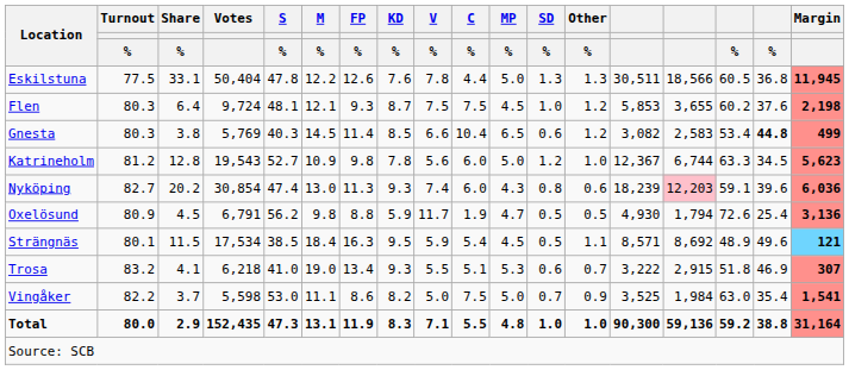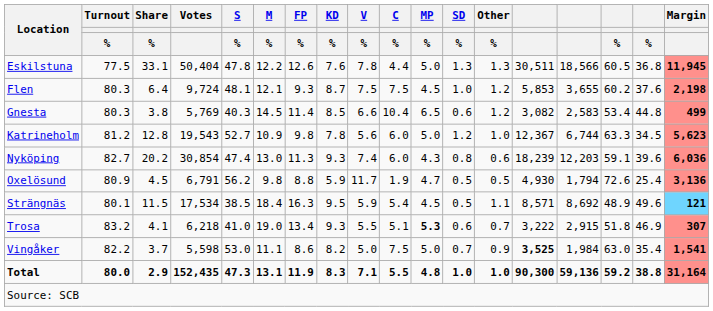 <table class="wikitable sortable" style="text-align:right; font-size:95%; line-height:20px;">
 <tr>
 <th rowspan="3">Location</th>
 <th>Turnout</th>
 <th>Share</th>
 <th>Votes</th>
 <th width="30px" class="unsortable"><a href='#'>S</a></th>
 <th width="30px" class="unsortable"><a href='#'>M</a></th>
 <th width="30px" class="unsortable"><a href='#'>FP</a></th>
 <th width="30px" class="unsortable"><a href='#'>KD</a></th>
 <th width="30px" class="unsortable"><a href='#'>V</a></th>
 <th width="30px" class="unsortable"><a href='#'>C</a></th>
 <th width="30px" class="unsortable"><a href='#'>MP</a></th>
 <th width="30px" class="unsortable"><a href='#'>SD</a></th>
 <th width="30px" class="unsortable">Other</th>
 <th></th>
 <th></th>
 <th></th>
 <th></th>
 <th>Margin</th>
 </tr>
 <tr>
 <th></th>
 <th></th>
 <th></th>
 <th style="background:"></th>
 <th style="background:"></th>
 <th style="background:"></th>
 <th style="background:"></th>
 <th style="background:"></th>
 <th style="background:"></th>
 <th style="background:"></th>
 <th style="background:"></th>
 <th style="background:"></th>
 <th style="background:"></th>
 <th style="background:"></th>
 <th style="background:"></th>
 <th style="background:"></th>
 <th></th>
 </tr>
 <tr>
 <th data-sort-type="number">%</th>
 <th data-sort-type="number">%</th>
 <th></th>
 <th data-sort-type="number">%</th>
 <th data-sort-type="number">%</th>
 <th data-sort-type="number">%</th>
 <th data-sort-type="number">%</th>
 <th data-sort-type="number">%</th>
 <th data-sort-type="number">%</th>
 <th data-sort-type="number">%</th>
 <th data-sort-type="number">%</th>
 <th data-sort-type="number">%</th>
 <th data-sort-type="number"></th>
 <th data-sort-type="number"></th>
 <th data-sort-type="number">%</th>
 <th data-sort-type="number">%</th>
 <th data-sort-type="number"></th>
 </tr>
 <tr>
 <td align=left><a href='#'>Eskilstuna</a></td>
 <td>77.5</td>
 <td>33.1</td>
 <td>50,404</td>
 <td>47.8</td>
 <td>12.2</td>
 <td>12.6</td>
 <td>7.6</td>
 <td>7.8</td>
 <td>4.4</td>
 <td>5.0</td>
 <td>1.3</td>
 <td>1.3</td>
 <td>30,511</td>
 <td>18,566</td>
 <td>60.5</td>
 <td>36.8</td>
 <td bgcolor=#ff908c><strong>11,945</strong></td>
 </tr>
 <tr>
 <td align=left><a href='#'>Flen</a></td>
 <td>80.3</td>
 <td>6.4</td>
 <td>9,724</td>
 <td>48.1</td>
 <td>12.1</td>
 <td>9.3</td>
 <td>8.7</td>
 <td>7.5</td>
 <td>7.5</td>
 <td>4.5</td>
 <td>1.0</td>
 <td>1.2</td>
 <td>5,853</td>
 <td>3,655</td>
 <td>60.2</td>
 <td>37.6</td>
 <td bgcolor=#ff908c><strong>2,198</strong></td>
 </tr>
 <tr>
 <td align=left><a href='#'>Gnesta</a></td>
 <td>80.3</td>
 <td>3.8</td>
 <td>5,769</td>
 <td>40.3</td>
 <td>14.5</td>
 <td>11.4</td>
 <td>8.5</td>
 <td>6.6</td>
 <td>10.4</td>
 <td>6.5</td>
 <td>0.6</td>
 <td>1.2</td>
 <td>3,082</td>
 <td>2,583</td>
 <td>53.4</td>
-<td><strong>44.8</strong></td>
+<td>44.8</td>
 <td bgcolor=#ff908c><strong>499</strong></td>
 </tr>
 <tr>
 <td align=left><a href='#'>Katrineholm</a></td>
 <td>81.2</td>
 <td>12.8</td>
 <td>19,543</td>
 <td>52.7</td>
 <td>10.9</td>
 <td>9.8</td>
 <td>7.8</td>
 <td>5.6</td>
 <td>6.0</td>
 <td>5.0</td>
 <td>1.2</td>
 <td>1.0</td>
 <td>12,367</td>
 <td>6,744</td>
 <td>63.3</td>
 <td>34.5</td>
 <td bgcolor=#ff908c><strong>5,623</strong></td>
 </tr>
 <tr>
 <td align=left><a href='#'>Nyköping</a></td>
 <td>82.7</td>
 <td>20.2</td>
 <td>30,854</td>
 <td>47.4</td>
 <td>13.0</td>
 <td>11.3</td>
 <td>9.3</td>
 <td>7.4</td>
 <td>6.0</td>
 <td>4.3</td>
 <td>0.8</td>
 <td>0.6</td>
 <td>18,239</td>
-<td style="background: pink;">12,203</td>
+<td>12,203</td>
 <td>59.1</td>
 <td>39.6</td>
 <td bgcolor=#ff908c><strong>6,036</strong></td>
 </tr>
 <tr>
 <td align=left><a href='#'>Oxelösund</a></td>
 <td>80.9</td>
 <td>4.5</td>
 <td>6,791</td>
 <td>56.2</td>
 <td>9.8</td>
 <td>8.8</td>
 <td>5.9</td>
 <td>11.7</td>
 <td>1.9</td>
 <td>4.7</td>
 <td>0.5</td>
 <td>0.5</td>
 <td>4,930</td>
 <td>1,794</td>
 <td>72.6</td>
 <td>25.4</td>
 <td bgcolor=#ff908c><strong>3,136</strong></td>
 </tr>
 <tr>
 <td align=left><a href='#'>Strängnäs</a></td>
 <td>80.1</td>
 <td>11.5</td>
 <td>17,534</td>
 <td>38.5</td>
 <td>18.4</td>
 <td>16.3</td>
 <td>9.5</td>
 <td>5.9</td>
 <td>5.4</td>
 <td>4.5</td>
 <td>0.5</td>
 <td>1.1</td>
 <td>8,571</td>
 <td>8,692</td>
 <td>48.9</td>
 <td>49.6</td>
 <td bgcolor=#6fd5fe><strong>121</strong></td>
 </tr>
 <tr>
 <td align=left><a href='#'>Trosa</a></td>
 <td>83.2</td>
 <td>4.1</td>
 <td>6,218</td>
 <td>41.0</td>
 <td>19.0</td>
 <td>13.4</td>
 <td>9.3</td>
 <td>5.5</td>
 <td>5.1</td>
-<td>5.3</td>
+<td><strong>5.3</strong></td>
 <td>0.6</td>
 <td>0.7</td>
 <td>3,222</td>
 <td>2,915</td>
 <td>51.8</td>
 <td>46.9</td>
 <td bgcolor=#ff908c><strong>307</strong></td>
 </tr>
 <tr>
 <td align=left><a href='#'>Vingåker</a></td>
 <td>82.2</td>
 <td>3.7</td>
 <td>5,598</td>
 <td>53.0</td>
 <td>11.1</td>
 <td>8.6</td>
 <td>8.2</td>
 <td>5.0</td>
 <td>7.5</td>
 <td>5.0</td>
 <td>0.7</td>
 <td>0.9</td>
-<td>3,525</td>
+<td><strong>3,525</strong></td>
 <td>1,984</td>
 <td>63.0</td>
 <td>35.4</td>
 <td bgcolor=#ff908c><strong>1,541</strong></td>
 </tr>
 <tr>
 <td align=left><strong>Total</strong></td>
 <td><strong>80.0</strong></td>
 <td><strong>2.9</strong></td>
 <td><strong>152,435</strong></td>
 <td><strong>47.3</strong></td>
 <td><strong>13.1</strong></td>
 <td><strong>11.9</strong></td>
 <td><strong>8.3</strong></td>
 <td><strong>7.1</strong></td>
 <td><strong>5.5</strong></td>
 <td><strong>4.8</strong></td>
 <td><strong>1.0</strong></td>
 <td><strong>1.0</strong></td>
 <td><strong>90,300</strong></td>
 <td><strong>59,136</strong></td>
 <td><strong>59.2</strong></td>
 <td><strong>38.8</strong></td>
 <td bgcolor=#ff908c><strong>31,164</strong></td>
 </tr>
 <tr>
 <td align=left colspan=18>Source: SCB </td>
 </tr>
 </table>
